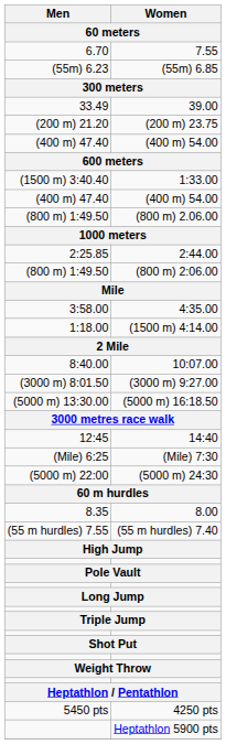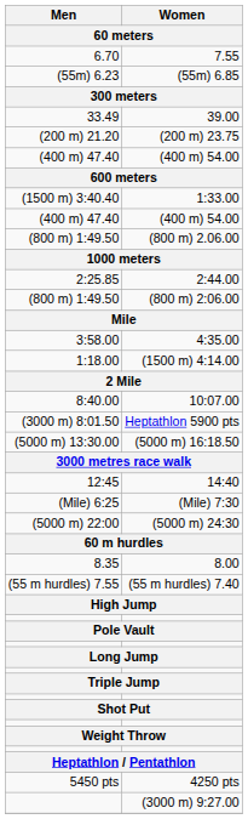 <table class="wikitable sortable collapsible " style="text-align:right;">
 <tr>
 <th>Men</th>
 <th>Women</th>
 </tr>
 <tr>
 <th colspan="2">60 meters</th>
 </tr>
 <tr>
 <td>6.70</td>
 <td>7.55</td>
 </tr>
 <tr>
 <td>(55m) 6.23</td>
 <td>(55m) 6.85</td>
 </tr>
 <tr>
 <th colspan="2">300 meters</th>
 </tr>
 <tr>
 <td>33.49</td>
 <td>39.00</td>
 </tr>
 <tr>
 <td>(200 m) 21.20</td>
 <td>(200 m) 23.75</td>
 </tr>
 <tr>
 <td>(400 m) 47.40</td>
 <td>(400 m) 54.00</td>
 </tr>
 <tr>
 <th colspan="2">600 meters</th>
 </tr>
 <tr>
 <td>(1500 m) 3:40.40</td>
 <td>1:33.00</td>
 </tr>
 <tr>
 <td>(400 m) 47.40</td>
 <td>(400 m) 54.00</td>
 </tr>
 <tr>
 <td>(800 m) 1:49.50</td>
 <td>(800 m) 2.06.00</td>
 </tr>
 <tr>
 <th colspan="2">1000 meters</th>
 </tr>
 <tr>
 <td>2:25.85</td>
 <td>2:44.00</td>
 </tr>
 <tr>
 <td>(800 m) 1:49.50</td>
 <td>(800 m) 2:06.00</td>
 </tr>
 <tr>
 <th colspan="2">Mile</th>
 </tr>
 <tr>
 <td>3:58.00</td>
 <td>4:35.00</td>
 </tr>
 <tr>
 <td>1:18.00</td>
 <td>(1500 m) 4:14.00</td>
 </tr>
 <tr>
 <th colspan="2">2 Mile</th>
 </tr>
 <tr>
 <td>8:40.00</td>
 <td>10:07.00</td>
 </tr>
 <tr>
 <td>(3000 m) 8:01.50</td>
-<td>(3000 m) 9:27.00</td>
+<td><a href='#'>Heptathlon</a> 5900 pts</td>
 </tr>
 <tr>
 <td>(5000 m) 13:30.00</td>
 <td>(5000 m) 16:18.50</td>
 </tr>
 <tr>
 <th colspan="2"><a href='#'>3000 metres race walk</a></th>
 </tr>
 <tr>
 <td>12:45</td>
 <td>14:40</td>
 </tr>
 <tr>
 <td>(Mile) 6:25</td>
 <td>(Mile) 7:30</td>
 </tr>
 <tr>
 <td>(5000 m) 22:00</td>
 <td>(5000 m) 24:30</td>
 </tr>
 <tr>
 <th colspan="2">60 m hurdles</th>
 </tr>
 <tr>
 <td>8.35</td>
 <td>8.00</td>
 </tr>
 <tr>
 <td>(55 m hurdles) 7.55</td>
 <td>(55 m hurdles) 7.40</td>
 </tr>
 <tr>
 <th colspan="2">High Jump</th>
 </tr>
 <tr>
 <td></td>
 <td></td>
 </tr>
 <tr>
 <th colspan="2">Pole Vault</th>
 </tr>
 <tr>
 <td></td>
 <td></td>
 </tr>
 <tr>
 <th colspan="2">Long Jump</th>
 </tr>
 <tr>
 <td></td>
 <td></td>
 </tr>
 <tr>
 <th colspan="2">Triple Jump</th>
 </tr>
 <tr>
 <td></td>
 <td></td>
 </tr>
 <tr>
 <th colspan="2">Shot Put</th>
 </tr>
 <tr>
 <td></td>
 <td></td>
 </tr>
 <tr>
 <th colspan="2">Weight Throw</th>
 </tr>
 <tr>
 <td></td>
 <td></td>
 </tr>
 <tr>
 <th colspan="2"><a href='#'>Heptathlon</a> / <a href='#'>Pentathlon</a></th>
 </tr>
 <tr>
 <td>5450 pts</td>
 <td>4250 pts</td>
 </tr>
 <tr>
 <td></td>
-<td><a href='#'>Heptathlon</a> 5900 pts</td>
+<td>(3000 m) 9:27.00</td>
 </tr>
 <tr>
 </tr>
 </table>
